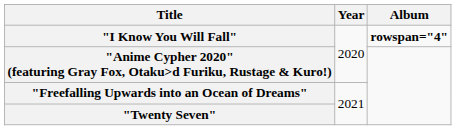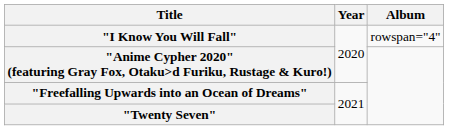 <table class="wikitable plainrowheaders" style="text-align:center;">
 <tr>
 <th scope="col">Title</th>
 <th scope="col">Year</th>
 <th scope="col">Album</th>
 </tr>
 <tr>
 <th scope="row">"I Know You Will Fall"</th>
 <td rowspan="2">2020</td>
-<td><strong>rowspan="4" </strong></td>
+<td>rowspan="4" </td>
 </tr>
 <tr>
 <th scope="row">"Anime Cypher 2020"<br><span>(featuring Gray Fox, Otaku>d Furiku, Rustage & Kuro!)</span></th>
 </tr>
 <tr>
 <th scope="row">"Freefalling Upwards into an Ocean of Dreams"</th>
 <td rowspan="2">2021</td>
 </tr>
 <tr>
 <th scope="row">"Twenty Seven"</th>
 </tr>
 </table>
